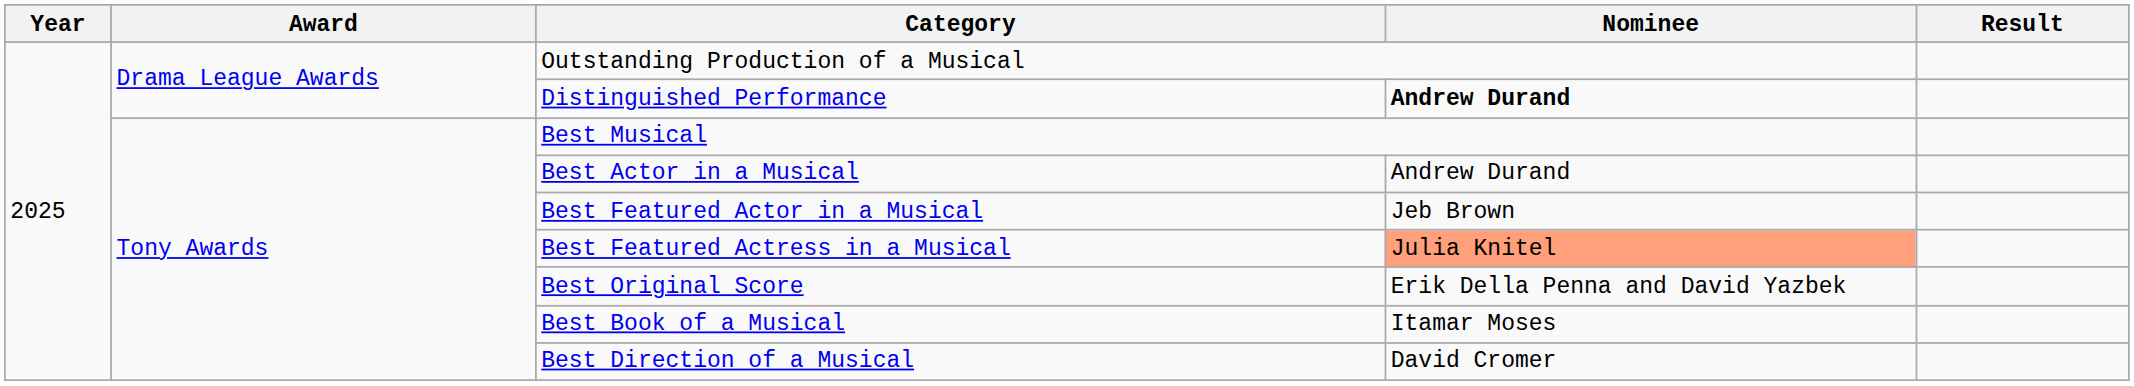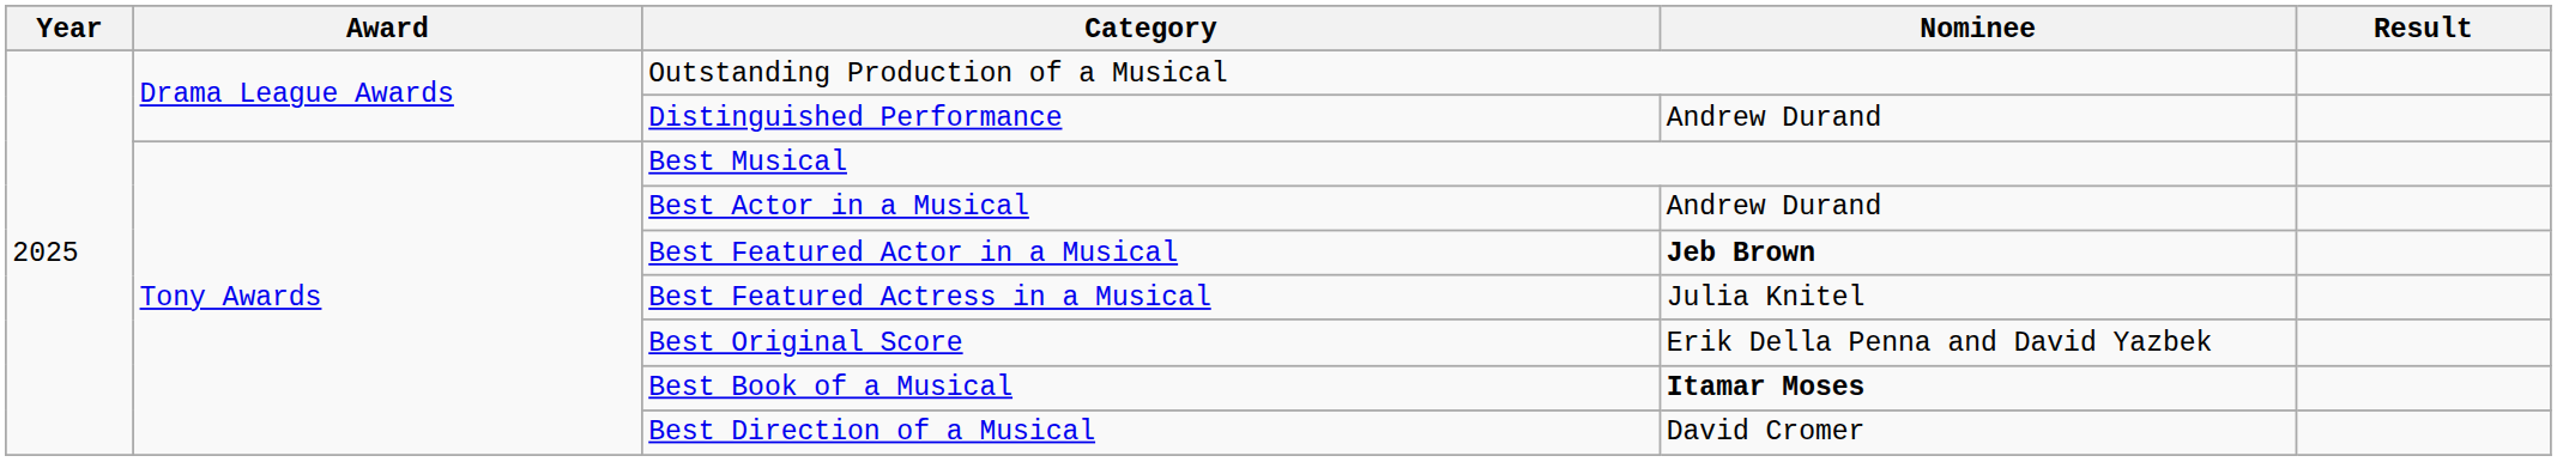 <table class="wikitable" width="95%">
 <tr>
 <th width="5%">Year</th>
 <th width="20%">Award</th>
 <th width="40%">Category</th>
 <th width="25%">Nominee</th>
 <th width="10%">Result</th>
 </tr>
 <tr>
 <td rowspan="9">2025</td>
 <td rowspan="2"><a href='#'>Drama League Awards</a></td>
 <td colspan="2">Outstanding Production of a Musical</td>
 <td></td>
 </tr>
 <tr>
 <td><a href='#'>Distinguished Performance</a></td>
-<td><strong>Andrew Durand</strong></td>
+<td>Andrew Durand</td>
 <td></td>
 </tr>
 <tr>
 <td rowspan="7"><a href='#'>Tony Awards</a></td>
 <td colspan="2"><a href='#'>Best Musical</a></td>
 <td></td>
 </tr>
 <tr>
 <td><a href='#'>Best Actor in a Musical</a></td>
 <td>Andrew Durand</td>
 <td></td>
 </tr>
 <tr>
 <td><a href='#'>Best Featured Actor in a Musical</a></td>
-<td>Jeb Brown</td>
+<td><strong>Jeb Brown</strong></td>
 <td></td>
 </tr>
 <tr>
 <td><a href='#'>Best Featured Actress in a Musical</a></td>
-<td style="background: lightsalmon;">Julia Knitel</td>
+<td>Julia Knitel</td>
 <td></td>
 </tr>
 <tr>
 <td><a href='#'>Best Original Score</a></td>
 <td>Erik Della Penna and David Yazbek</td>
 <td></td>
 </tr>
 <tr>
 <td><a href='#'>Best Book of a Musical</a></td>
-<td>Itamar Moses</td>
+<td><strong>Itamar Moses</strong></td>
 <td></td>
 </tr>
 <tr>
 <td><a href='#'>Best Direction of a Musical</a></td>
 <td>David Cromer</td>
 <td></td>
 </tr>
 </table>
